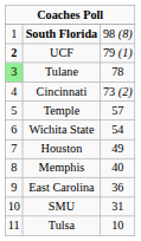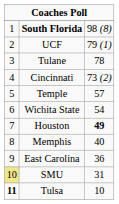 <table class="wikitable">
 <tr>
 <td colspan="3" align="center"><strong>Coaches Poll</strong></td>
 </tr>
 <tr align="center">
 </tr>
 <tr align="center">
 <td>1</td>
 <td><strong>South Florida</strong></td>
 <td>98 <em>(8)</em></td>
 </tr>
 <tr align="center">
-<td><strong>2</strong></td>
+<td>2</td>
 <td>UCF</td>
 <td>79 <em>(1)</em></td>
 </tr>
 <tr align="center">
-<td style="background: lightgreen;">3</td>
+<td>3</td>
 <td>Tulane</td>
 <td>78</td>
 </tr>
 <tr align="center">
 <td>4</td>
 <td>Cincinnati</td>
 <td>73 <em>(2)</em></td>
 </tr>
 <tr align="center">
 <td>5</td>
 <td>Temple</td>
 <td>57</td>
 </tr>
 <tr align="center">
 <td>6</td>
 <td>Wichita State</td>
 <td>54</td>
 </tr>
 <tr align="center">
 <td>7</td>
 <td>Houston</td>
-<td>49</td>
+<td><strong>49</strong></td>
 </tr>
 <tr align="center">
 <td>8</td>
 <td>Memphis</td>
 <td>40</td>
 </tr>
 <tr align="center">
 <td>9</td>
 <td>East Carolina</td>
 <td>36</td>
 </tr>
 <tr align="center">
-<td>10</td>
+<td style="background: khaki;">10</td>
 <td>SMU</td>
 <td>31</td>
 </tr>
 <tr align="center">
-<td>11</td>
+<td><strong>11</strong></td>
 <td>Tulsa</td>
 <td>10</td>
 </tr>
 </table>
